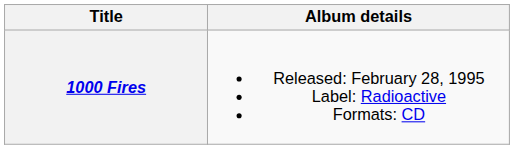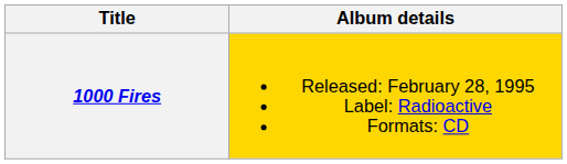 <table class="wikitable plainrowheaders" style="text-align:center">
 <tr>
 <th scope="col" rowspan="1" style="width:12em;">Title</th>
 <th scope="col" rowspan="1" style="width:18em;">Album details</th>
 </tr>
 <tr>
 <th scope="row"><em><a href='#'>1000 Fires</a></em></th>
-<td><br><ul><li>Released: February 28, 1995</li><li>Label: <a href='#'>Radioactive</a></li><li>Formats: <a href='#'>CD</a></li></ul></td>
+<td style="background: gold;"><br><ul><li>Released: February 28, 1995</li><li>Label: <a href='#'>Radioactive</a></li><li>Formats: <a href='#'>CD</a></li></ul></td>
 </tr>
 </table>
